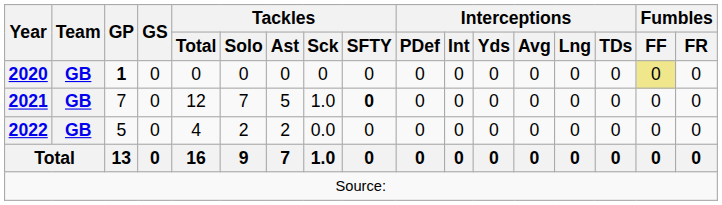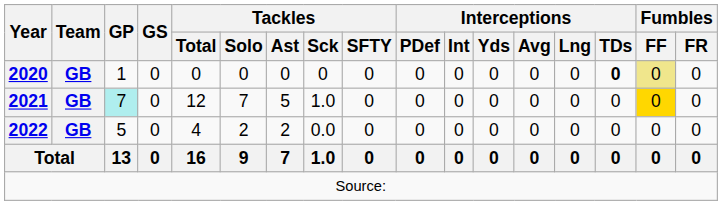 <table class="wikitable" style="text-align: center;">
 <tr>
 <th rowspan=2>Year</th>
 <th rowspan=2>Team</th>
 <th rowspan=2>GP</th>
 <th rowspan=2>GS</th>
 <th colspan=5>Tackles</th>
 <th colspan=6>Interceptions</th>
 <th colspan=2>Fumbles</th>
 </tr>
 <tr>
 <th>Total</th>
 <th>Solo</th>
 <th>Ast</th>
 <th>Sck</th>
 <th>SFTY</th>
 <th>PDef</th>
 <th>Int</th>
 <th>Yds</th>
 <th>Avg</th>
 <th>Lng</th>
 <th>TDs</th>
 <th>FF</th>
 <th>FR</th>
 </tr>
 <tr>
 <th><a href='#'>2020</a></th>
 <th><a href='#'>GB</a></th>
-<td><strong>1</strong></td>
+<td>1</td>
 <td>0</td>
 <td>0</td>
 <td>0</td>
 <td>0</td>
 <td>0</td>
 <td>0</td>
 <td>0</td>
 <td>0</td>
 <td>0</td>
 <td>0</td>
 <td>0</td>
-<td>0</td>
+<td><strong>0</strong></td>
 <td style="background: khaki;">0</td>
 <td>0</td>
 </tr>
 <tr>
 <th><a href='#'>2021</a></th>
 <th><a href='#'>GB</a></th>
-<td>7</td>
+<td style="background: paleturquoise;">7</td>
 <td>0</td>
 <td>12</td>
 <td>7</td>
 <td>5</td>
 <td>1.0</td>
-<td><strong>0</strong></td>
 <td>0</td>
 <td>0</td>
 <td>0</td>
 <td>0</td>
 <td>0</td>
 <td>0</td>
 <td>0</td>
+<td style="background: gold;">0</td>
 <td>0</td>
 </tr>
 <tr>
 <th><a href='#'>2022</a></th>
 <th><a href='#'>GB</a></th>
 <td>5</td>
 <td>0</td>
 <td>4</td>
 <td>2</td>
 <td>2</td>
 <td>0.0</td>
 <td>0</td>
 <td>0</td>
 <td>0</td>
 <td>0</td>
 <td>0</td>
 <td>0</td>
 <td>0</td>
 <td>0</td>
 <td>0</td>
 </tr>
 <tr>
 <th colspan="2">Total</th>
 <th>13</th>
 <th>0</th>
 <th>16</th>
 <th>9</th>
 <th>7</th>
 <th>1.0</th>
 <th>0</th>
 <th>0</th>
 <th>0</th>
 <th>0</th>
 <th>0</th>
 <th>0</th>
 <th>0</th>
 <th>0</th>
 <th>0</th>
 </tr>
 <tr>
 <td colspan="17"><small>Source: </small></td>
 </tr>
 </table>
